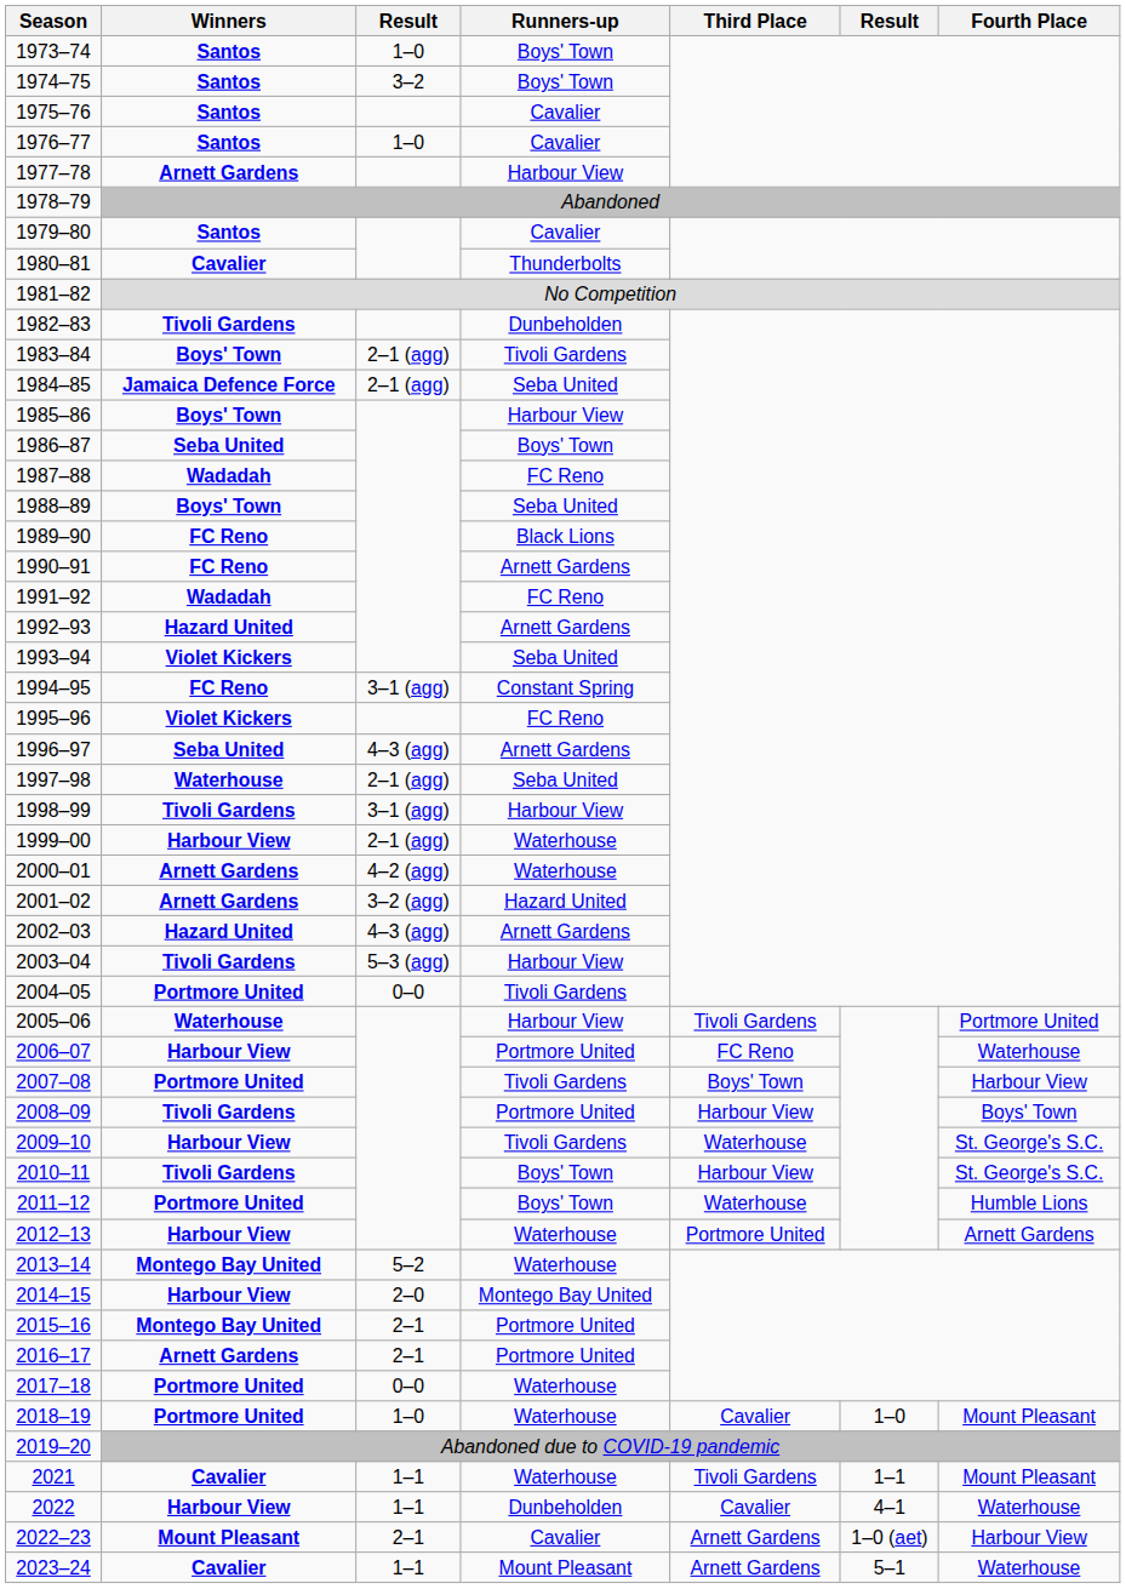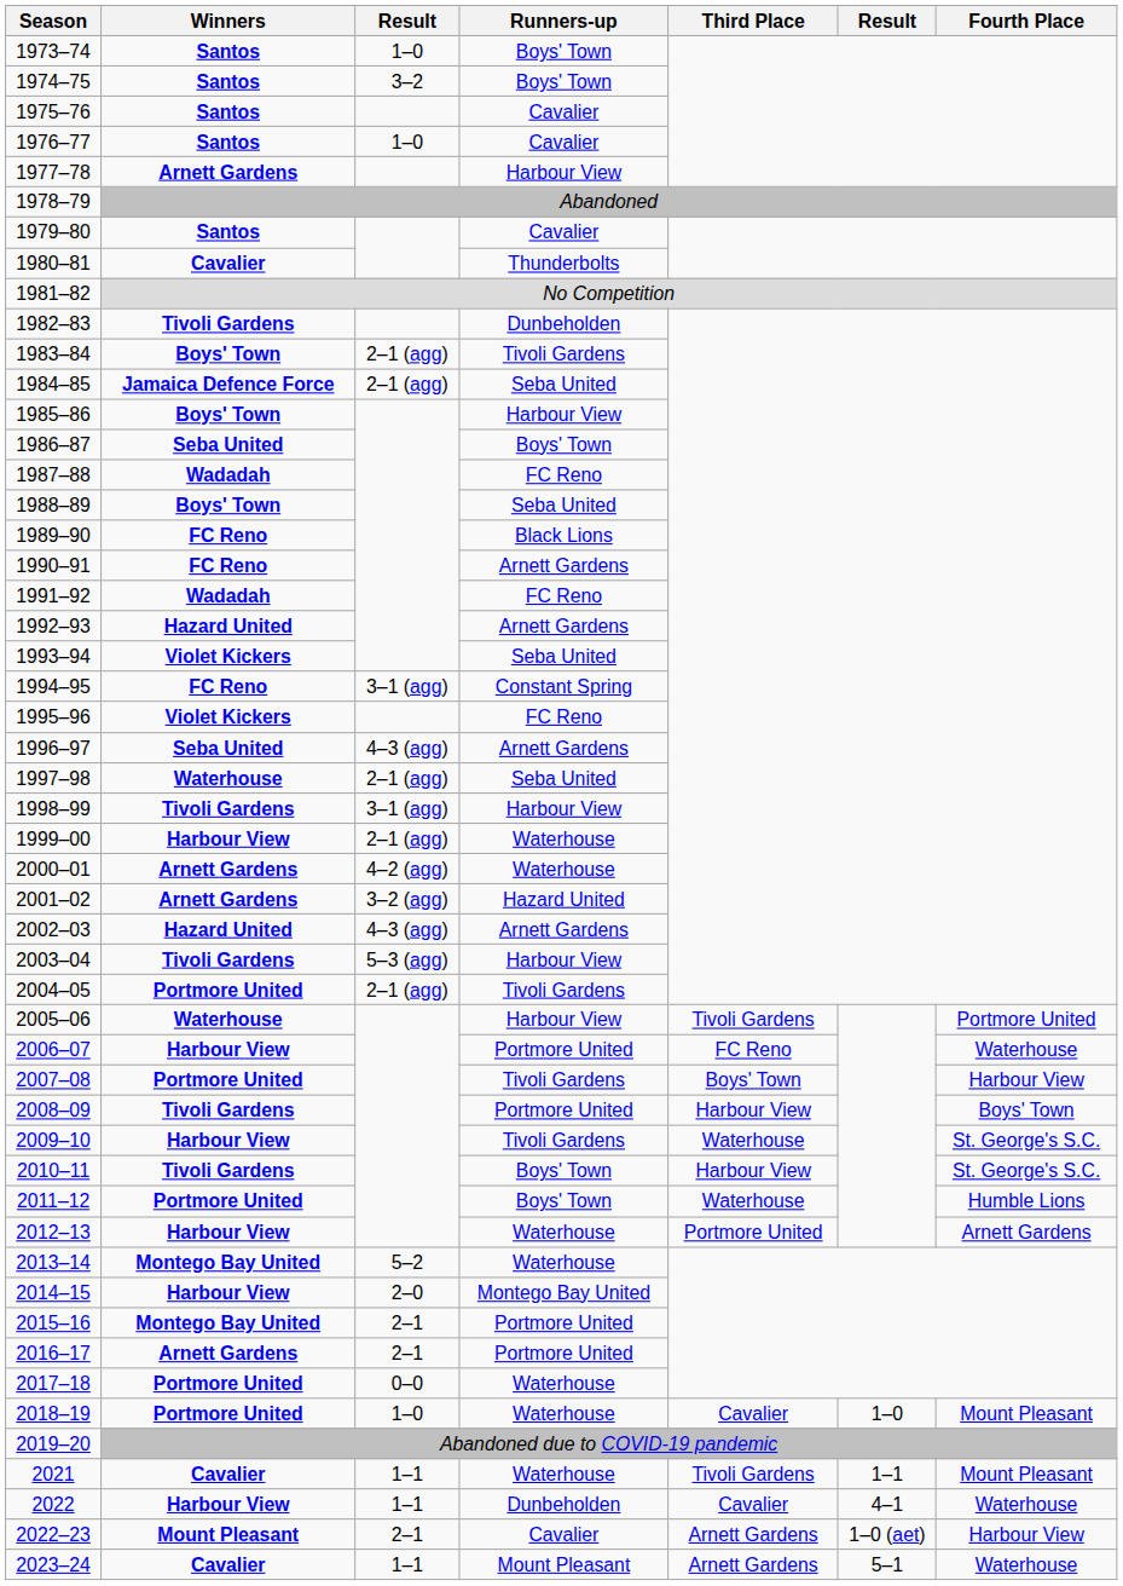 <table class="wikitable sortable mw-collapsible" style="font-size:95%; text-align: center; width:70%;">
 <tr>
 <th>Season</th>
 <th>Winners</th>
 <th>Result</th>
 <th>Runners-up</th>
 <th>Third Place</th>
 <th>Result</th>
 <th>Fourth Place</th>
 </tr>
 <tr>
 <td>1973–74</td>
 <td><a href='#'><strong>Santos</strong></a></td>
 <td style="text-align:center;">1–0</td>
 <td><a href='#'>Boys' Town</a></td>
 <td colspan="3" rowspan="5"></td>
 </tr>
 <tr>
 <td>1974–75</td>
 <td><a href='#'><strong>Santos</strong></a></td>
 <td style="text-align:center;">3–2</td>
 <td><a href='#'>Boys' Town</a></td>
 </tr>
 <tr>
 <td>1975–76</td>
 <td><a href='#'><strong>Santos</strong></a></td>
 <td></td>
 <td><a href='#'>Cavalier</a></td>
 </tr>
 <tr>
 <td>1976–77</td>
 <td><a href='#'><strong>Santos</strong></a></td>
 <td style="text-align:center;">1–0</td>
 <td><a href='#'>Cavalier</a></td>
 </tr>
 <tr>
 <td>1977–78</td>
 <td><strong><a href='#'>Arnett Gardens</a></strong></td>
 <td></td>
 <td><a href='#'>Harbour View</a></td>
 </tr>
 <tr>
 <td>1978–79</td>
 <td colspan="6" style="background-color: Silver;"><em>Abandoned</em></td>
 </tr>
 <tr>
 <td>1979–80</td>
 <td><a href='#'><strong>Santos</strong></a></td>
 <td rowspan="2"></td>
 <td><a href='#'>Cavalier</a></td>
 <td colspan="3" rowspan="2"></td>
 </tr>
 <tr>
 <td>1980–81</td>
 <td><strong><a href='#'>Cavalier</a></strong></td>
 <td><a href='#'>Thunderbolts</a></td>
 </tr>
 <tr>
 <td>1981–82</td>
 <td colspan="6" style="background-color: Gainsboro;"><em>No Competition</em></td>
 </tr>
 <tr>
 <td>1982–83</td>
 <td><strong><a href='#'>Tivoli Gardens</a></strong></td>
 <td></td>
 <td><a href='#'>Dunbeholden</a></td>
 <td colspan="3" rowspan="23"></td>
 </tr>
 <tr>
 <td>1983–84</td>
 <td><strong><a href='#'>Boys' Town</a></strong></td>
 <td style="text-align:center;">2–1 (<a href='#'>agg</a>)</td>
 <td><a href='#'>Tivoli Gardens</a></td>
 </tr>
 <tr>
 <td>1984–85</td>
 <td><strong><a href='#'>Jamaica Defence Force</a></strong></td>
 <td style="text-align:center;">2–1 (<a href='#'>agg</a>)</td>
 <td><a href='#'>Seba United</a></td>
 </tr>
 <tr>
 <td>1985–86</td>
 <td><a href='#'><strong>Boys' Town</strong></a></td>
 <td rowspan="9"></td>
 <td><a href='#'>Harbour View</a></td>
 </tr>
 <tr>
 <td>1986–87</td>
 <td><strong><a href='#'>Seba United</a></strong></td>
 <td><a href='#'>Boys' Town</a></td>
 </tr>
 <tr>
 <td>1987–88</td>
 <td><strong><a href='#'>Wadadah</a></strong></td>
 <td><a href='#'>FC Reno</a></td>
 </tr>
 <tr>
 <td>1988–89</td>
 <td><a href='#'><strong>Boys' Town</strong></a></td>
 <td><a href='#'>Seba United</a></td>
 </tr>
 <tr>
 <td>1989–90</td>
 <td><strong><a href='#'>FC Reno</a></strong></td>
 <td><a href='#'>Black Lions</a></td>
 </tr>
 <tr>
 <td>1990–91</td>
 <td><a href='#'><strong>FC Reno</strong></a></td>
 <td><a href='#'>Arnett Gardens</a></td>
 </tr>
 <tr>
 <td>1991–92</td>
 <td><a href='#'><strong>Wadadah</strong></a></td>
 <td><a href='#'>FC Reno</a></td>
 </tr>
 <tr>
 <td>1992–93</td>
 <td><strong><a href='#'>Hazard United</a></strong></td>
 <td><a href='#'>Arnett Gardens</a></td>
 </tr>
 <tr>
 <td>1993–94</td>
 <td><strong><a href='#'>Violet Kickers</a></strong></td>
 <td><a href='#'>Seba United</a></td>
 </tr>
 <tr>
 <td>1994–95</td>
 <td><a href='#'><strong>FC Reno</strong></a></td>
 <td style="text-align:center;">3–1 (<a href='#'>agg</a>)</td>
 <td><a href='#'>Constant Spring</a></td>
 </tr>
 <tr>
 <td>1995–96</td>
 <td><a href='#'><strong>Violet Kickers</strong></a></td>
 <td></td>
 <td><a href='#'>FC Reno</a></td>
 </tr>
 <tr>
 <td>1996–97</td>
 <td><a href='#'><strong>Seba United</strong></a></td>
 <td style="text-align:center;">4–3 (<a href='#'>agg</a>)</td>
 <td><a href='#'>Arnett Gardens</a></td>
 </tr>
 <tr>
 <td>1997–98</td>
 <td><strong><a href='#'>Waterhouse</a></strong></td>
 <td style="text-align:center;">2–1 (<a href='#'>agg</a>)</td>
 <td><a href='#'>Seba United</a></td>
 </tr>
 <tr>
 <td>1998–99</td>
 <td><a href='#'><strong>Tivoli Gardens</strong></a></td>
 <td style="text-align:center;">3–1 (<a href='#'>agg</a>)</td>
 <td><a href='#'>Harbour View</a></td>
 </tr>
 <tr>
 <td>1999–00</td>
 <td><strong><a href='#'>Harbour View</a></strong></td>
 <td style="text-align:center;">2–1 (<a href='#'>agg</a>)</td>
 <td><a href='#'>Waterhouse</a></td>
 </tr>
 <tr>
 <td>2000–01</td>
 <td><a href='#'><strong>Arnett Gardens</strong></a></td>
 <td style="text-align:center;">4–2 (<a href='#'>agg</a>)</td>
 <td><a href='#'>Waterhouse</a></td>
 </tr>
 <tr>
 <td>2001–02</td>
 <td><a href='#'><strong>Arnett Gardens</strong></a></td>
 <td style="text-align:center;">3–2 (<a href='#'>agg</a>)</td>
 <td><a href='#'>Hazard United</a></td>
 </tr>
 <tr>
 <td>2002–03</td>
 <td><a href='#'><strong>Hazard United</strong></a></td>
 <td style="text-align:center;">4–3 (<a href='#'>agg</a>)</td>
 <td><a href='#'>Arnett Gardens</a></td>
 </tr>
 <tr>
 <td>2003–04</td>
 <td><a href='#'><strong>Tivoli Gardens</strong></a></td>
 <td style="text-align:center;">5–3 (<a href='#'>agg</a>)</td>
 <td><a href='#'>Harbour View</a></td>
 </tr>
 <tr>
 <td>2004–05</td>
 <td><a href='#'><strong>Portmore United</strong></a></td>
-<td style="text-align:center;">0–0<br></td>
+<td style="text-align:center;">2–1 (<a href='#'>agg</a>)</td>
 <td><a href='#'>Tivoli Gardens</a></td>
 </tr>
 <tr>
 <td>2005–06</td>
 <td><a href='#'><strong>Waterhouse</strong></a></td>
 <td rowspan="8"></td>
 <td><a href='#'>Harbour View</a></td>
 <td><a href='#'>Tivoli Gardens</a></td>
 <td rowspan="8"></td>
 <td><a href='#'>Portmore United</a></td>
 </tr>
 <tr>
 <td><a href='#'>2006–07</a></td>
 <td><a href='#'><strong>Harbour View</strong></a></td>
 <td><a href='#'>Portmore United</a></td>
 <td><a href='#'>FC Reno</a></td>
 <td><a href='#'>Waterhouse</a></td>
 </tr>
 <tr>
 <td><a href='#'>2007–08</a></td>
 <td><a href='#'><strong>Portmore United</strong></a></td>
 <td><a href='#'>Tivoli Gardens</a></td>
 <td><a href='#'>Boys' Town</a></td>
 <td><a href='#'>Harbour View</a></td>
 </tr>
 <tr>
 <td><a href='#'>2008–09</a></td>
 <td><a href='#'><strong>Tivoli Gardens</strong></a></td>
 <td><a href='#'>Portmore United</a></td>
 <td><a href='#'>Harbour View</a></td>
 <td><a href='#'>Boys' Town</a></td>
 </tr>
 <tr>
 <td><a href='#'>2009–10</a></td>
 <td><a href='#'><strong>Harbour View</strong></a></td>
 <td><a href='#'>Tivoli Gardens</a></td>
 <td><a href='#'>Waterhouse</a></td>
 <td><a href='#'>St. George's S.C.</a></td>
 </tr>
 <tr>
 <td><a href='#'>2010–11</a></td>
 <td><a href='#'><strong>Tivoli Gardens</strong></a></td>
 <td><a href='#'>Boys' Town</a></td>
 <td><a href='#'>Harbour View</a></td>
 <td><a href='#'>St. George's S.C.</a></td>
 </tr>
 <tr>
 <td><a href='#'>2011–12</a></td>
 <td><a href='#'><strong>Portmore United</strong></a></td>
 <td><a href='#'>Boys' Town</a></td>
 <td><a href='#'>Waterhouse</a></td>
 <td><a href='#'>Humble Lions</a></td>
 </tr>
 <tr>
 <td><a href='#'>2012–13</a></td>
 <td><a href='#'><strong>Harbour View</strong></a></td>
 <td><a href='#'>Waterhouse</a></td>
 <td><a href='#'>Portmore United</a></td>
 <td><a href='#'>Arnett Gardens</a></td>
 </tr>
 <tr>
 <td><a href='#'>2013–14</a></td>
 <td><a href='#'><strong>Montego Bay United</strong></a></td>
 <td style="text-align:center;">5–2</td>
 <td><a href='#'>Waterhouse</a></td>
 <td colspan="3" rowspan="5"></td>
 </tr>
 <tr>
 <td><a href='#'>2014–15</a></td>
 <td><a href='#'><strong>Harbour View</strong></a></td>
 <td style="text-align:center;">2–0</td>
 <td><a href='#'>Montego Bay United</a></td>
 </tr>
 <tr>
 <td><a href='#'>2015–16</a></td>
 <td><strong><a href='#'>Montego Bay United</a></strong></td>
 <td style="text-align:center;">2–1</td>
 <td><a href='#'>Portmore United</a></td>
 </tr>
 <tr>
 <td><a href='#'>2016–17</a></td>
 <td><a href='#'><strong>Arnett Gardens</strong></a></td>
 <td style="text-align:center;">2–1</td>
 <td><a href='#'>Portmore United</a></td>
 </tr>
 <tr>
 <td><a href='#'>2017–18</a></td>
 <td><a href='#'><strong>Portmore United</strong></a></td>
 <td style="text-align:center;">0–0<br></td>
 <td><a href='#'>Waterhouse</a></td>
 </tr>
 <tr>
 <td><a href='#'>2018–19</a></td>
 <td><strong><a href='#'>Portmore United</a></strong></td>
 <td style="text-align:center;">1–0</td>
 <td><a href='#'>Waterhouse</a></td>
 <td><a href='#'>Cavalier</a></td>
 <td style="text-align:center;">1–0</td>
 <td><a href='#'>Mount Pleasant</a></td>
 </tr>
 <tr>
 <td><a href='#'>2019–20</a></td>
 <td colspan="6" style="background-color: Silver;"><em>Abandoned due to <a href='#'>COVID-19 pandemic</a></em></td>
 </tr>
 <tr>
 <td><a href='#'>2021</a></td>
 <td><strong><a href='#'>Cavalier</a></strong></td>
 <td style="text-align:center;">1–1<br></td>
 <td><a href='#'>Waterhouse</a></td>
 <td><a href='#'>Tivoli Gardens</a></td>
 <td style="text-align:center;">1–1 </td>
 <td><a href='#'>Mount Pleasant</a></td>
 </tr>
 <tr>
 <td><a href='#'>2022</a></td>
 <td><strong><a href='#'>Harbour View</a></strong></td>
 <td style="text-align:center;">1–1<br></td>
 <td><a href='#'>Dunbeholden</a></td>
 <td><a href='#'>Cavalier</a></td>
 <td style="text-align:center;">4–1</td>
 <td><a href='#'>Waterhouse</a></td>
 </tr>
 <tr>
 <td><a href='#'>2022–23</a></td>
 <td><strong><a href='#'>Mount Pleasant</a></strong></td>
 <td style="text-align:center;">2–1</td>
 <td><a href='#'>Cavalier</a></td>
 <td><a href='#'>Arnett Gardens</a></td>
 <td style="text-align:center;">1–0 (<a href='#'>aet</a>)</td>
 <td><a href='#'>Harbour View</a></td>
 </tr>
 <tr>
 <td><a href='#'>2023–24</a></td>
 <td><strong><a href='#'>Cavalier</a></strong></td>
 <td style="text-align:center;">1–1<br></td>
 <td><a href='#'>Mount Pleasant</a></td>
 <td><a href='#'>Arnett Gardens</a></td>
 <td>5–1</td>
 <td><a href='#'>Waterhouse</a></td>
 </tr>
 </table>
